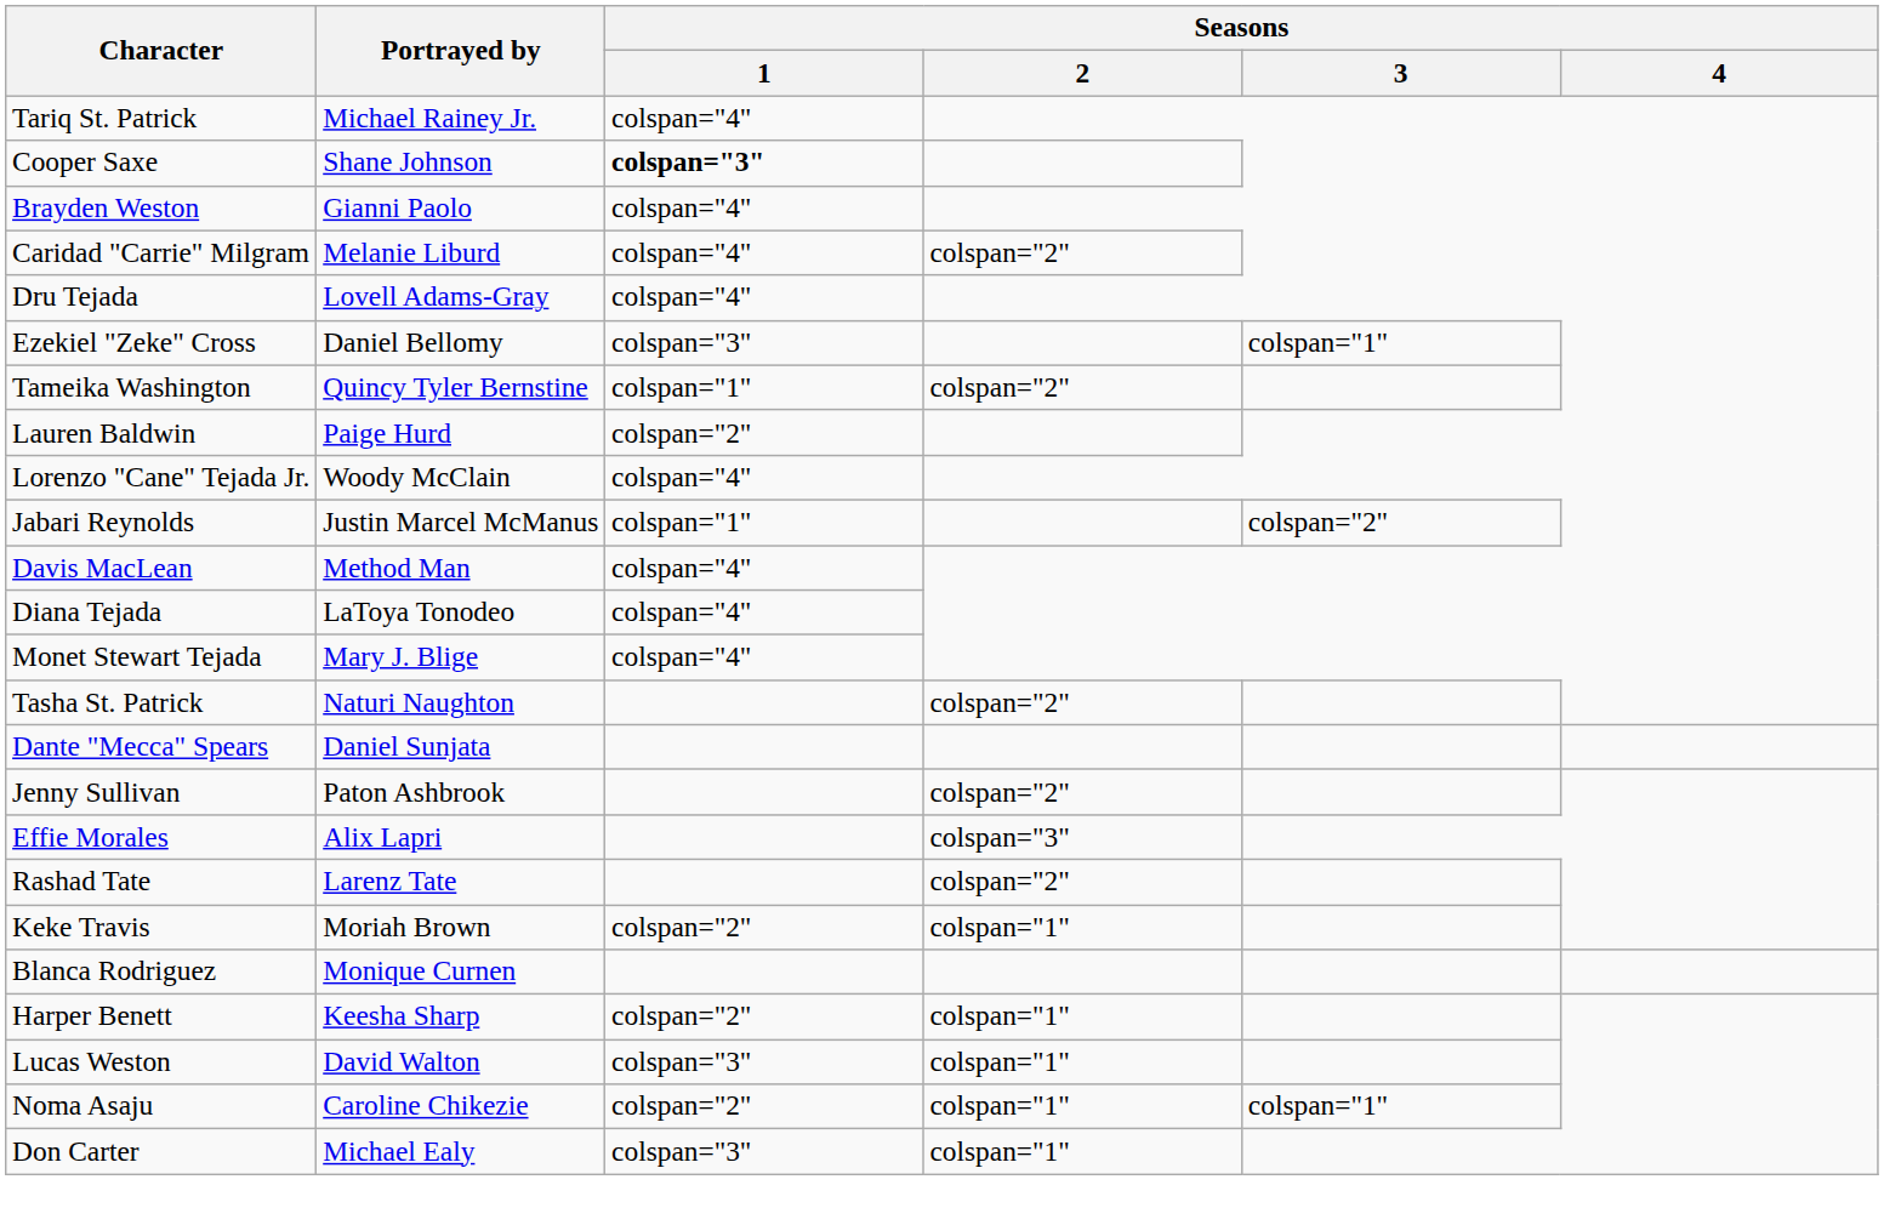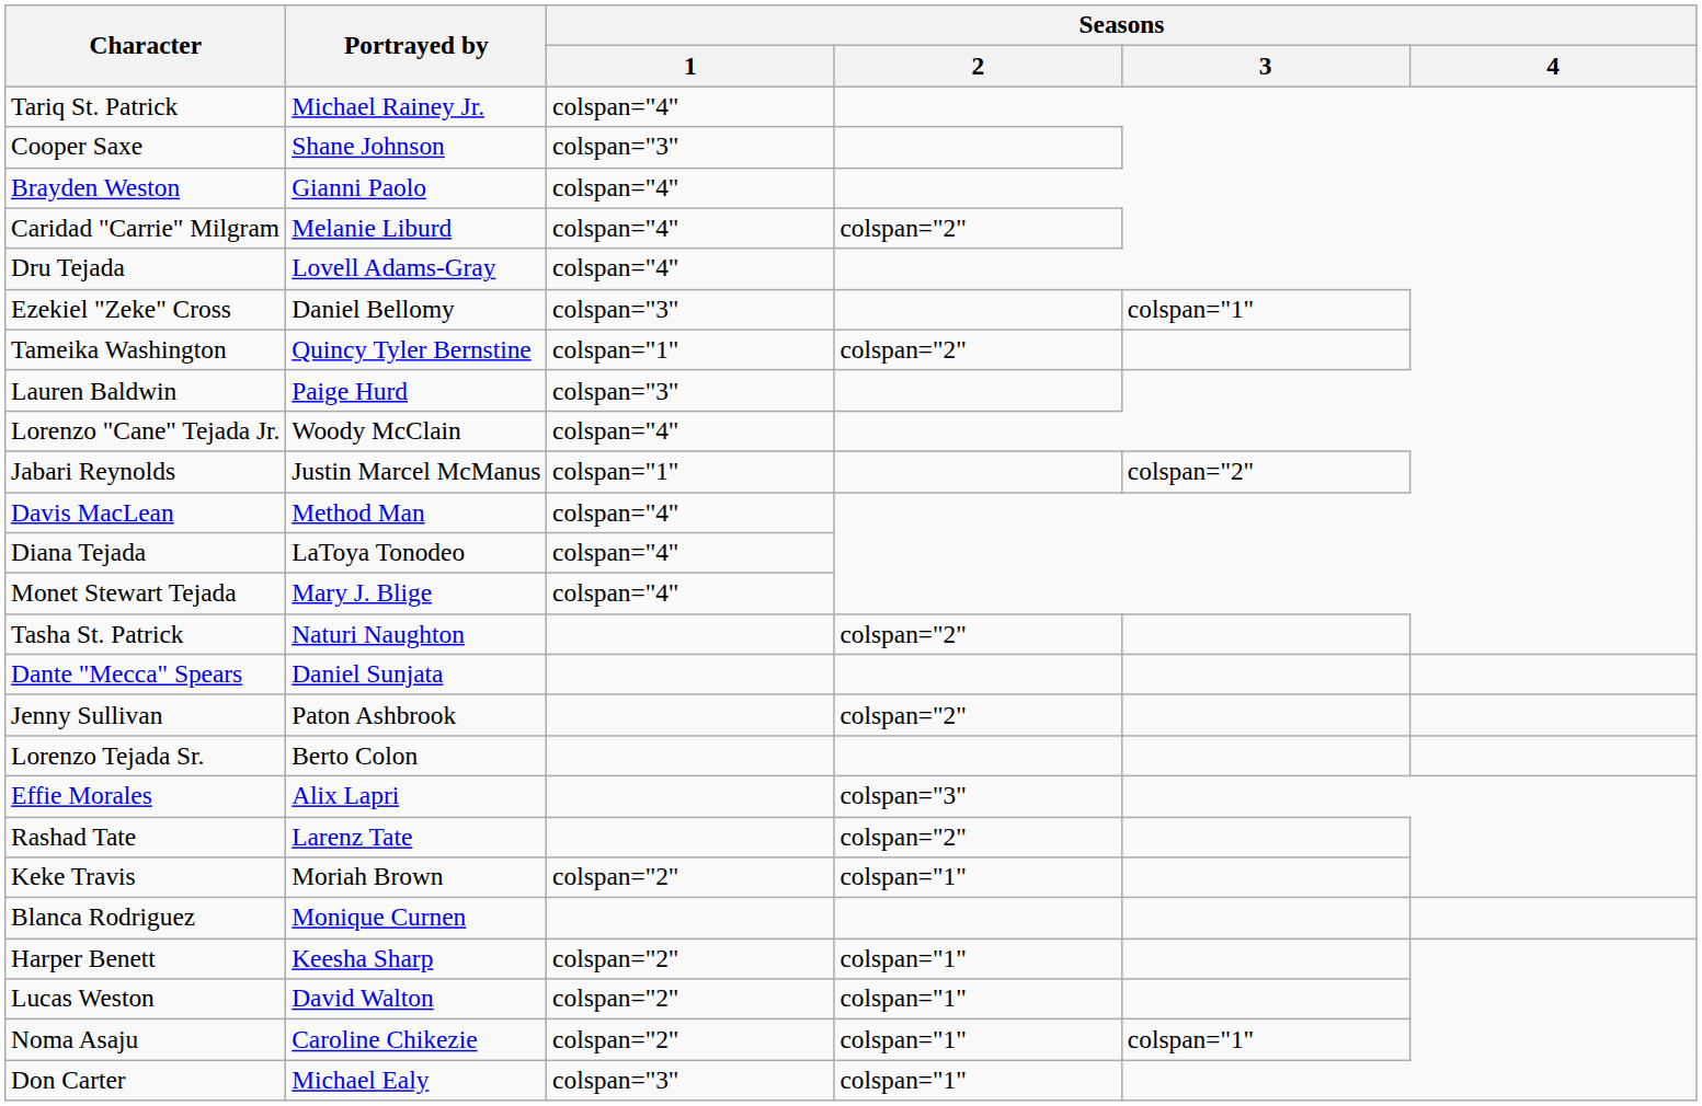 <table class="wikitable plainrowheaders">
 <tr>
 <th scope="col" rowspan="2">Character</th>
 <th scope="col" rowspan="2">Portrayed by</th>
 <th scope="col" colspan="4">Seasons</th>
 </tr>
 <tr>
 <th scope="col" style="width:17%;">1</th>
 <th scope="col" style="width:17%;">2</th>
 <th scope="col" style="width:17%;">3</th>
 <th scope="col" style="width:17%;">4</th>
 </tr>
 <tr>
 <td scope="row">Tariq St. Patrick</td>
 <td><a href='#'>Michael Rainey Jr.</a></td>
 <td>colspan="4" </td>
 </tr>
 <tr>
 <td scope="row">Cooper Saxe</td>
 <td><a href='#'>Shane Johnson</a></td>
-<td><strong>colspan="3" </strong></td>
+<td>colspan="3" </td>
 <td></td>
 </tr>
 <tr>
 <td scope="row"><a href='#'>Brayden Weston</a></td>
 <td><a href='#'>Gianni Paolo</a></td>
 <td>colspan="4" </td>
 </tr>
 <tr>
 <td scope="row">Caridad "Carrie" Milgram</td>
 <td><a href='#'>Melanie Liburd</a></td>
 <td>colspan="4" </td>
 <td>colspan="2" </td>
 </tr>
 <tr>
 <td scope="row">Dru Tejada</td>
 <td><a href='#'>Lovell Adams-Gray</a></td>
 <td>colspan="4" </td>
 </tr>
 <tr>
 <td scope="row">Ezekiel "Zeke" Cross</td>
 <td>Daniel Bellomy</td>
 <td>colspan="3" </td>
 <td></td>
 <td>colspan="1" </td>
 </tr>
 <tr>
 <td scope="row">Tameika Washington</td>
 <td><a href='#'>Quincy Tyler Bernstine</a></td>
 <td>colspan="1" </td>
 <td>colspan="2" </td>
 <td></td>
 </tr>
 <tr>
 <td scope="row">Lauren Baldwin</td>
 <td><a href='#'>Paige Hurd</a></td>
-<td>colspan="2" </td>
+<td>colspan="3" </td>
 <td></td>
 </tr>
 <tr>
 <td scope="row">Lorenzo "Cane" Tejada Jr.</td>
 <td>Woody McClain</td>
 <td>colspan="4" </td>
 </tr>
 <tr>
 <td scope="row">Jabari Reynolds</td>
 <td>Justin Marcel McManus</td>
 <td>colspan="1" </td>
 <td></td>
 <td>colspan="2" </td>
 </tr>
 <tr>
 <td scope="row"><a href='#'>Davis MacLean</a></td>
 <td><a href='#'>Method Man</a></td>
 <td>colspan="4" </td>
 </tr>
 <tr>
 <td scope="row">Diana Tejada</td>
 <td>LaToya Tonodeo</td>
 <td>colspan="4" </td>
 </tr>
 <tr>
 <td scope="row">Monet Stewart Tejada</td>
 <td><a href='#'>Mary J. Blige</a></td>
 <td>colspan="4" </td>
 </tr>
 <tr>
 <td scope="row">Tasha St. Patrick</td>
 <td><a href='#'>Naturi Naughton</a></td>
 <td></td>
 <td>colspan="2" </td>
 <td></td>
 </tr>
 <tr>
 <td scope="row"><a href='#'>Dante "Mecca" Spears</a></td>
 <td><a href='#'>Daniel Sunjata</a></td>
 <td></td>
 <td></td>
 <td></td>
 <td></td>
 </tr>
 <tr>
 <td scope="row">Jenny Sullivan</td>
 <td>Paton Ashbrook</td>
 <td></td>
 <td>colspan="2" </td>
 <td></td>
 </tr>
 <tr>
+<td scope="row">Lorenzo Tejada Sr.</td>
+<td>Berto Colon</td>
+<td></td>
+<td></td>
+<td></td>
+<td></td>
+</tr>
+<tr>
 <td scope="row"><a href='#'>Effie Morales</a></td>
 <td><a href='#'>Alix Lapri</a></td>
 <td></td>
 <td>colspan="3" </td>
 </tr>
 <tr>
 <td scope="row">Rashad Tate</td>
 <td><a href='#'>Larenz Tate</a></td>
 <td></td>
 <td>colspan="2" </td>
 <td></td>
 </tr>
 <tr>
 <td scope="row">Keke Travis</td>
 <td>Moriah Brown</td>
 <td>colspan="2" </td>
 <td>colspan="1" </td>
 <td></td>
 </tr>
 <tr>
 <td scope="row">Blanca Rodriguez</td>
 <td><a href='#'>Monique Curnen</a></td>
 <td></td>
 <td></td>
 <td></td>
 <td></td>
 </tr>
 <tr>
 <td scope="row">Harper Benett</td>
 <td><a href='#'>Keesha Sharp</a></td>
 <td>colspan="2" </td>
 <td>colspan="1" </td>
 <td></td>
 </tr>
 <tr>
 <td scope="row">Lucas Weston</td>
 <td><a href='#'>David Walton</a></td>
-<td>colspan="3" </td>
+<td>colspan="2" </td>
 <td>colspan="1" </td>
 <td></td>
 </tr>
 <tr>
 <td scope="row">Noma Asaju</td>
 <td><a href='#'>Caroline Chikezie</a></td>
 <td>colspan="2" </td>
 <td>colspan="1" </td>
 <td>colspan="1" </td>
 </tr>
 <tr>
 <td scope="row">Don Carter</td>
 <td><a href='#'>Michael Ealy</a></td>
 <td>colspan="3" </td>
 <td>colspan="1" </td>
 </tr>
 </table>
